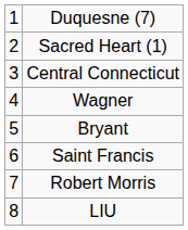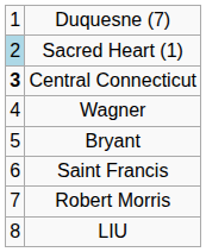 <table class="wikitable">
 <tr align="center">
 </tr>
 <tr align="center">
 <td>1</td>
 <td>Duquesne (7)</td>
 </tr>
 <tr align="center">
-<td>2</td>
+<td style="background: lightblue;">2</td>
 <td>Sacred Heart (1)</td>
 </tr>
 <tr align="center">
-<td>3</td>
+<td><strong>3</strong></td>
 <td>Central Connecticut</td>
 </tr>
 <tr align="center">
 <td>4</td>
 <td>Wagner</td>
 </tr>
 <tr align="center">
 <td>5</td>
 <td>Bryant</td>
 </tr>
 <tr align="center">
 <td>6</td>
 <td>Saint Francis</td>
 </tr>
 <tr align="center">
 <td>7</td>
 <td>Robert Morris</td>
 </tr>
 <tr align="center">
 <td>8</td>
 <td>LIU</td>
 </tr>
 <tr>
 </tr>
 </table>
